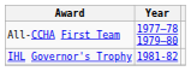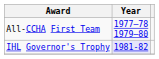 <table class="wikitable">
 <tr>
 <th>Award</th>
 <th>Year</th>
 <th></th>
 </tr>
 <tr>
 <td>All-<a href='#'>CCHA</a> <a href='#'>First Team</a></td>
 <td><a href='#'>1977–78</a><br><a href='#'>1979–80</a></td>
 <td></td>
 </tr>
 <tr>
 <td><a href='#'>IHL</a> <a href='#'>Governor's Trophy</a></td>
-<td><a href='#'>1981-82</a></td>
+<td style="background: lavender;"><a href='#'>1981-82</a></td>
 <td></td>
 </tr>
 <tr>
 </tr>
 </table>
